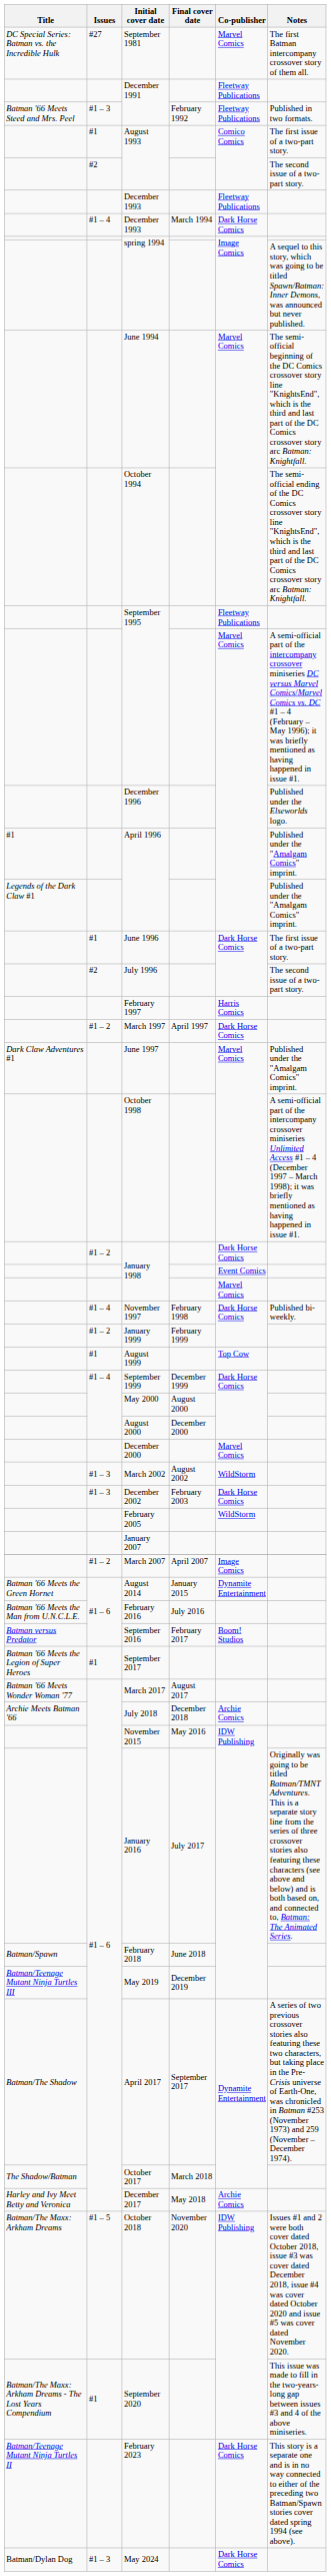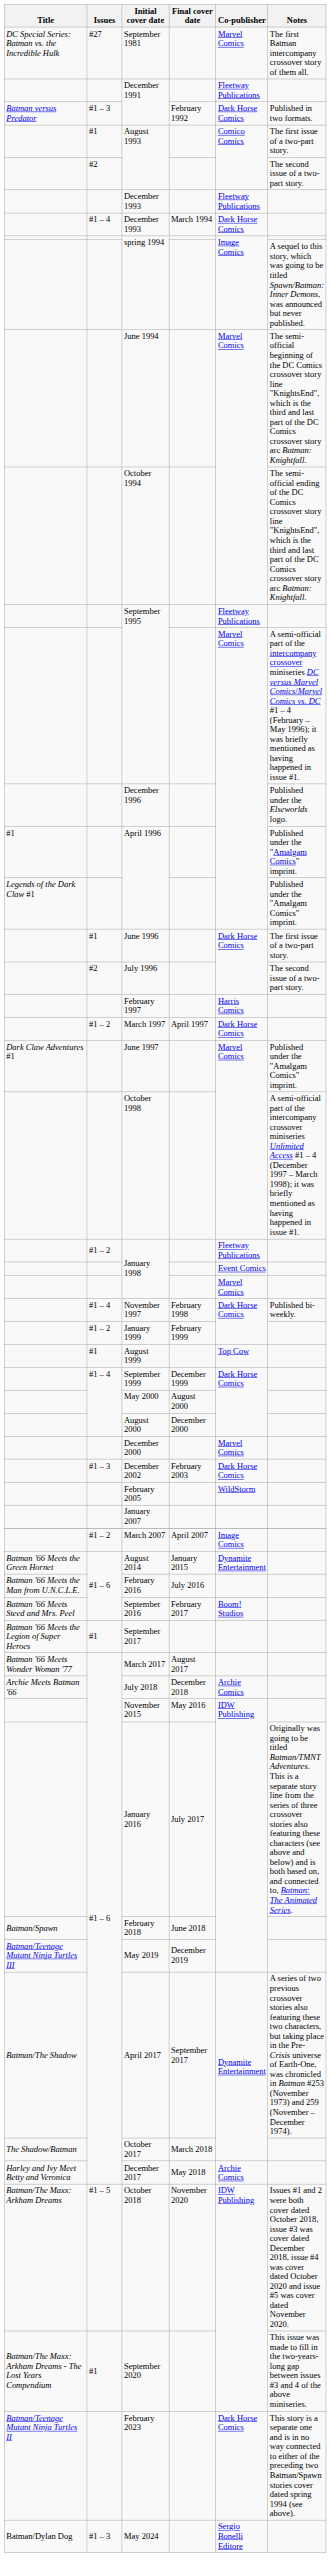 <table class="wikitable sortable">
 <tr>
 <th style="vertical-align:bottom; width:210px;">Title</th>
 <th style="vertical-align:bottom; width:85px;" class="unsortable">Issues</th>
 <th style="vertical-align:bottom; width:100px;">Initial cover date</th>
 <th style="vertical-align:bottom; width:100px;">Final cover date</th>
 <th style="vertical-align:bottom;">Co-publisher</th>
 <th style="vertical-align:bottom;" class="unsortable">Notes</th>
 </tr>
 <tr style="vertical-align:top;">
 <td><em>DC Special Series: Batman vs. the Incredible Hulk</em></td>
 <td>#27</td>
 <td>September 1981</td>
 <td></td>
 <td><a href='#'>Marvel Comics</a></td>
 <td>The first Batman intercompany crossover story of them all.</td>
 </tr>
 <tr style="vertical-align:top;">
 <td><em></em></td>
 <td></td>
 <td rowspan="2">December 1991</td>
 <td></td>
 <td><a href='#'>Fleetway Publications</a></td>
 <td></td>
 </tr>
 <tr style="vertical-align:top;">
-<td><em>Batman '66 Meets Steed and Mrs. Peel</em></td>
+<td><em><a href='#'>Batman versus Predator</a></em></td>
 <td>#1 – 3</td>
 <td>February 1992</td>
-<td><a href='#'>Fleetway Publications</a></td>
+<td><a href='#'>Dark Horse Comics</a></td>
 <td>Published in two formats.</td>
 </tr>
 <tr style="vertical-align:top;">
 <td><em></em></td>
 <td>#1</td>
 <td rowspan="2">August 1993</td>
 <td></td>
 <td rowspan="2"><a href='#'>Comico Comics</a></td>
 <td>The first issue of a two-part story.</td>
 </tr>
 <tr style="vertical-align:top;">
 <td><em></em></td>
 <td>#2</td>
 <td></td>
 <td>The second issue of a two-part story.</td>
 </tr>
 <tr style="vertical-align:top;">
 <td><em></em></td>
 <td></td>
 <td>December 1993</td>
 <td></td>
 <td><a href='#'>Fleetway Publications</a></td>
 <td></td>
 </tr>
 <tr style="vertical-align:top;">
 <td><em></em></td>
 <td>#1 – 4</td>
 <td>December 1993</td>
 <td>March 1994</td>
 <td><a href='#'>Dark Horse Comics</a></td>
 <td></td>
 </tr>
 <tr style="vertical-align:top;">
 <td><em></em></td>
 <td></td>
 <td rowspan="2">spring 1994</td>
 <td></td>
 <td rowspan="2"><a href='#'>Image Comics</a></td>
 <td></td>
 </tr>
 <tr style="vertical-align:top;">
 <td><em></em></td>
 <td></td>
 <td></td>
 <td>A sequel to this story, which was going to be titled <em>Spawn/Batman: Inner Demons</em>, was announced but never published.</td>
 </tr>
 <tr style="vertical-align:top;">
 <td><em></em></td>
 <td></td>
 <td>June 1994</td>
 <td></td>
 <td rowspan="2"><a href='#'>Marvel Comics</a></td>
 <td>The semi-official beginning of the DC Comics crossover story line "KnightsEnd", which is the third and last part of the DC Comics crossover story arc <em>Batman: Knightfall</em>.</td>
 </tr>
 <tr style="vertical-align:top;">
 <td><em></em></td>
 <td></td>
 <td>October 1994</td>
 <td></td>
 <td>The semi-official ending of the DC Comics crossover story line "KnightsEnd", which is the third and last part of the DC Comics crossover story arc <em>Batman: Knightfall</em>.</td>
 </tr>
 <tr style="vertical-align:top;">
 <td><em></em></td>
 <td></td>
 <td rowspan="2">September 1995</td>
 <td></td>
 <td><a href='#'>Fleetway Publications</a></td>
 <td></td>
 </tr>
 <tr style="vertical-align:top;">
 <td><em></em></td>
 <td></td>
 <td></td>
 <td rowspan="4"><a href='#'>Marvel Comics</a></td>
 <td>A semi-official part of the <a href='#'>intercompany crossover</a> miniseries <a href='#'><em>DC versus Marvel Comics</em>/<em>Marvel Comics vs. DC</em></a> #1 – 4 (February – May 1996); it was briefly mentioned as having happened in issue #1.</td>
 </tr>
 <tr style="vertical-align:top;">
 <td><em></em></td>
 <td></td>
 <td>December 1996</td>
 <td></td>
 <td>Published under the <em>Elseworlds</em> logo. </td>
 </tr>
 <tr style="vertical-align:top;">
 <td><em></em> #1</td>
 <td></td>
 <td rowspan="2">April 1996</td>
 <td></td>
 <td>Published under the "<a href='#'>Amalgam Comics</a>" imprint.</td>
 </tr>
 <tr style="vertical-align:top;">
 <td><em>Legends of the Dark Claw</em> #1</td>
 <td></td>
 <td></td>
 <td>Published under the "Amalgam Comics" imprint.</td>
 </tr>
 <tr style="vertical-align:top;">
 <td><em></em></td>
 <td>#1</td>
 <td>June 1996</td>
 <td></td>
 <td rowspan="2"><a href='#'>Dark Horse Comics</a></td>
 <td>The first issue of a two-part story.</td>
 </tr>
 <tr style="vertical-align:top;">
 <td><em></em></td>
 <td>#2</td>
 <td>July 1996</td>
 <td></td>
 <td>The second issue of a two-part story.</td>
 </tr>
 <tr style="vertical-align:top;">
 <td><em></em></td>
 <td></td>
 <td>February 1997</td>
 <td></td>
 <td><a href='#'>Harris Comics</a></td>
 <td></td>
 </tr>
 <tr style="vertical-align:top;">
 <td><em></em></td>
 <td>#1 – 2</td>
 <td>March 1997</td>
 <td>April 1997</td>
 <td><a href='#'>Dark Horse Comics</a></td>
 <td></td>
 </tr>
 <tr style="vertical-align:top;">
 <td><em>Dark Claw Adventures</em> #1</td>
 <td></td>
 <td>June 1997</td>
 <td></td>
 <td rowspan="2"><a href='#'>Marvel Comics</a></td>
 <td>Published under the "Amalgam Comics" imprint.</td>
 </tr>
 <tr style="vertical-align:top;">
 <td></td>
 <td></td>
 <td>October 1998</td>
 <td></td>
 <td>A semi-official part of the intercompany crossover miniseries <em><a href='#'>Unlimited Access</a></em> #1 – 4 (December 1997 – March 1998); it was briefly mentioned as having happened in issue #1.</td>
 </tr>
 <tr>
 <td><em></em></td>
 <td>#1 – 2</td>
 <td rowspan="3">January 1998</td>
 <td></td>
-<td><a href='#'>Dark Horse Comics</a></td>
+<td><a href='#'>Fleetway Publications</a></td>
 <td></td>
 </tr>
 <tr style="vertical-align:top;">
 <td><em></em></td>
 <td></td>
 <td></td>
 <td><a href='#'>Event Comics</a></td>
 <td></td>
 </tr>
 <tr style="vertical-align:top;">
 <td><em></em></td>
 <td></td>
 <td></td>
 <td><a href='#'>Marvel Comics</a></td>
 <td></td>
 </tr>
 <tr style="vertical-align:top;">
 <td><em></em></td>
 <td>#1 – 4</td>
 <td>November 1997</td>
 <td>February 1998</td>
 <td rowspan="2"><a href='#'>Dark Horse Comics</a></td>
 <td>Published bi-weekly.</td>
 </tr>
 <tr style="vertical-align:top;">
 <td><em></em></td>
 <td>#1 – 2</td>
 <td>January 1999</td>
 <td>February 1999</td>
 <td></td>
 </tr>
 <tr style="vertical-align:top;">
 <td><em></em></td>
 <td>#1</td>
 <td>August 1999</td>
 <td></td>
 <td><a href='#'>Top Cow</a></td>
 <td></td>
 </tr>
 <tr style="vertical-align:top;">
 <td><em></em></td>
 <td rowspan="3">#1 – 4</td>
 <td>September 1999</td>
 <td>December 1999</td>
 <td rowspan="3"><a href='#'>Dark Horse Comics</a></td>
 <td></td>
 </tr>
 <tr style="vertical-align:top;">
 <td><em></em></td>
 <td>May 2000</td>
 <td>August 2000</td>
 <td></td>
 </tr>
 <tr style="vertical-align:top;">
 <td><em></em></td>
 <td>August 2000</td>
 <td>December 2000</td>
 <td></td>
 </tr>
 <tr style="vertical-align:top;">
 <td><em></em></td>
 <td></td>
 <td>December 2000</td>
 <td></td>
 <td><a href='#'>Marvel Comics</a></td>
 <td></td>
 </tr>
-<tr>
-<td><em></em></td>
-<td>#1 – 3</td>
-<td>March 2002</td>
-<td>August 2002</td>
-<td><a href='#'>WildStorm</a></td>
-<td></td>
-</tr>
 <tr style="vertical-align:top;">
 <td><em></em></td>
 <td>#1 – 3</td>
 <td>December 2002</td>
 <td>February 2003</td>
 <td><a href='#'>Dark Horse Comics</a></td>
 <td></td>
 </tr>
 <tr style="vertical-align:top;">
 <td><em></em></td>
 <td></td>
 <td>February 2005</td>
 <td></td>
 <td><a href='#'>WildStorm</a></td>
 <td></td>
 </tr>
 <tr style="vertical-align:top;">
 <td><em></em></td>
 <td></td>
 <td>January 2007</td>
 <td></td>
 <td></td>
 <td></td>
 </tr>
 <tr>
 </tr>
 <tr style="vertical-align:top;">
 <td><em></em></td>
 <td>#1 – 2</td>
 <td>March 2007</td>
 <td>April 2007</td>
 <td><a href='#'>Image Comics</a></td>
 <td></td>
 </tr>
 <tr>
 <td><em>Batman '66 Meets the Green Hornet</em></td>
 <td rowspan="3">#1 – 6</td>
 <td>August 2014</td>
 <td>January 2015</td>
 <td><a href='#'>Dynamite Entertainment</a></td>
 <td></td>
 </tr>
 <tr>
 <td><em>Batman '66 Meets the Man from U.N.C.L.E.</em></td>
 <td>February 2016</td>
 <td>July 2016</td>
 <td></td>
 <td></td>
 </tr>
 <tr>
-<td><em><a href='#'>Batman versus Predator</a></em></td>
+<td><em>Batman '66 Meets Steed and Mrs. Peel</em></td>
 <td>September 2016</td>
 <td>February 2017</td>
 <td><a href='#'>Boom! Studios</a></td>
 <td></td>
 </tr>
 <tr>
 <td><em>Batman '66 Meets the Legion of Super Heroes</em></td>
 <td rowspan="1">#1</td>
 <td>September 2017</td>
 <td></td>
 <td></td>
 <td></td>
 </tr>
 <tr>
 <td><em>Batman '66 Meets Wonder Woman '77</em></td>
 <td rowspan="9">#1 – 6</td>
 <td>March 2017</td>
 <td>August 2017</td>
 <td></td>
 <td></td>
 </tr>
 <tr>
 <td><em>Archie Meets Batman '66</em></td>
 <td>July 2018</td>
 <td>December 2018</td>
 <td><a href='#'>Archie Comics</a></td>
 <td></td>
 </tr>
 <tr style="vertical-align:top;">
 <td><em></em></td>
 <td>November 2015</td>
 <td>May 2016</td>
 <td rowspan="4"><a href='#'>IDW Publishing</a></td>
 <td></td>
 </tr>
 <tr>
 <td><em></em></td>
 <td>January 2016</td>
 <td>July 2017</td>
 <td>Originally was going to be titled <em>Batman/TMNT Adventures</em>.<br>This is a separate story line from the series of three crossover stories also featuring these characters (see above and below) and is both based on, and connected to, <em><a href='#'>Batman: The Animated Series</a></em>.</td>
 </tr>
 <tr>
 <td><em>Batman/Spawn</em></td>
 <td>February 2018</td>
 <td>June 2018</td>
 <td></td>
 </tr>
 <tr>
 <td><em><a href='#'>Batman/Teenage Mutant Ninja Turtles III</a></em></td>
 <td>May 2019</td>
 <td>December 2019</td>
 <td></td>
 </tr>
 <tr>
 <td><em>Batman/The Shadow</em></td>
 <td>April 2017</td>
 <td>September 2017</td>
 <td rowspan="2"><a href='#'>Dynamite Entertainment</a></td>
 <td>A series of two previous crossover stories also featuring these two characters, but taking place in the Pre-<em>Crisis</em> universe of Earth-One, was chronicled in <em>Batman</em> #253 (November 1973) and 259 (November – December 1974).</td>
 </tr>
 <tr>
 <td><em>The Shadow/Batman</em></td>
 <td>October 2017</td>
 <td>March 2018</td>
 <td></td>
 </tr>
 <tr>
 <td><em>Harley and Ivy Meet Betty and Veronica</em></td>
 <td>December 2017</td>
 <td>May 2018</td>
 <td><a href='#'>Archie Comics</a></td>
 <td></td>
 </tr>
 <tr style="vertical-align:top;">
 <td><em>Batman/The Maxx: Arkham Dreams</em></td>
 <td>#1 – 5</td>
 <td>October 2018</td>
 <td>November 2020</td>
 <td rowspan="2"><a href='#'>IDW Publishing</a></td>
 <td>Issues #1 and 2 were both cover dated October 2018, issue #3 was cover dated December 2018, issue #4 was cover dated October 2020 and issue #5 was cover dated November 2020.</td>
 </tr>
 <tr>
 <td><em>Batman/The Maxx: Arkham Dreams - The Lost Years Compendium</em></td>
 <td>#1</td>
 <td>September 2020</td>
 <td></td>
 <td>This issue was made to fill in the two-years-long gap between issues #3 and 4 of the above miniseries.</td>
 </tr>
 <tr style="vertical-align:top;">
 <td><em><a href='#'>Batman/Teenage Mutant Ninja Turtles II</a></em></td>
 <td></td>
 <td>February 2023</td>
 <td></td>
 <td><a href='#'>Dark Horse Comics</a></td>
 <td>This story is a separate one and is in no way connected to either of the preceding two Batman/Spawn stories cover dated spring 1994 (see above).</td>
 </tr>
 <tr>
 <td>Batman/Dylan Dog</td>
 <td>#1 – 3</td>
 <td>May 2024</td>
 <td></td>
-<td><a href='#'>Dark Horse Comics</a></td>
+<td><a href='#'>Sergio Bonelli Editore</a></td>
 <td></td>
 </tr>
 </table>
